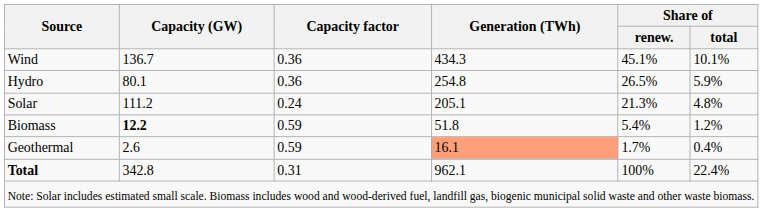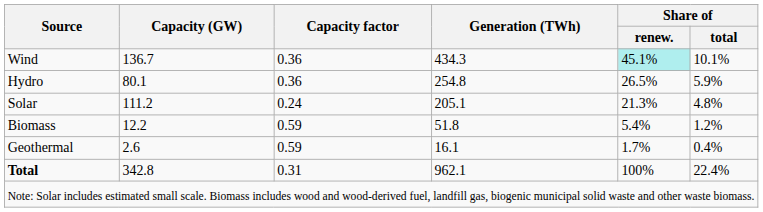 <table class="wikitable sortable col1left" >
 <tr>
 <th rowspan=2>Source</th>
 <th rowspan=2>Capacity  (GW)</th>
 <th rowspan=2>Capacity  factor</th>
 <th rowspan=2>Generation  (TWh)</th>
 <th colspan=2>Share of</th>
 </tr>
 <tr>
 <th>renew.</th>
 <th>total</th>
 </tr>
 <tr>
 <td>Wind</td>
 <td>136.7</td>
 <td>0.36</td>
 <td>434.3</td>
-<td>45.1%</td>
+<td style="background: paleturquoise;">45.1%</td>
 <td>10.1%</td>
 </tr>
 <tr>
 <td>Hydro</td>
 <td>80.1</td>
 <td>0.36</td>
 <td>254.8</td>
 <td>26.5%</td>
 <td>5.9%</td>
 </tr>
 <tr>
 <td>Solar</td>
 <td>111.2</td>
 <td>0.24</td>
 <td>205.1</td>
 <td>21.3%</td>
 <td>4.8%</td>
 </tr>
 <tr>
 <td>Biomass</td>
-<td><strong>12.2</strong></td>
+<td>12.2</td>
 <td>0.59</td>
 <td>51.8</td>
 <td>5.4%</td>
 <td>1.2%</td>
 </tr>
 <tr>
 <td>Geothermal</td>
 <td>2.6</td>
 <td>0.59</td>
-<td style="background: lightsalmon;">16.1</td>
+<td>16.1</td>
 <td>1.7%</td>
 <td>0.4%</td>
 </tr>
 <tr>
 <td><strong>Total</strong></td>
 <td>342.8</td>
 <td>0.31</td>
 <td>962.1</td>
 <td>100%</td>
 <td>22.4%</td>
 </tr>
 <tr>
 <td colspan="8"><sub>Note: Solar includes estimated small scale. Biomass includes wood and wood-derived fuel,  landfill gas, biogenic municipal solid waste and other waste biomass.</sub></td>
 </tr>
 </table>
